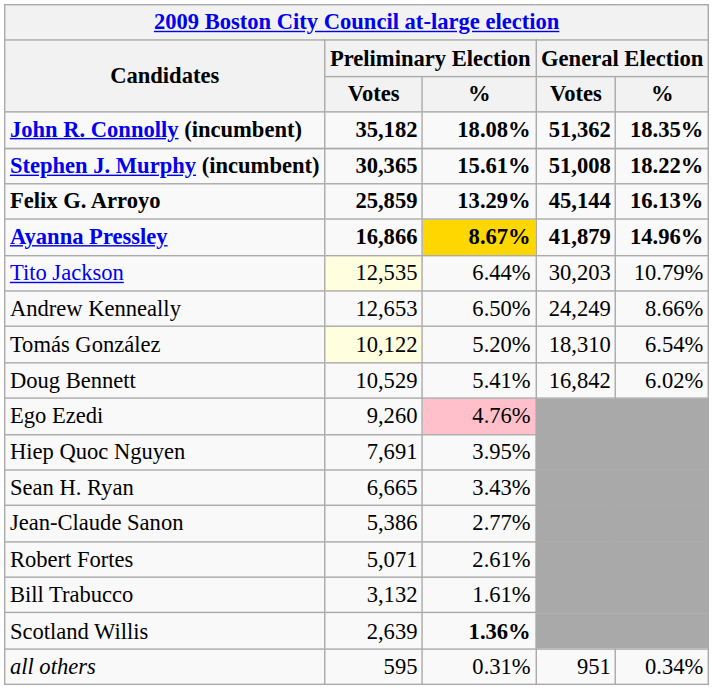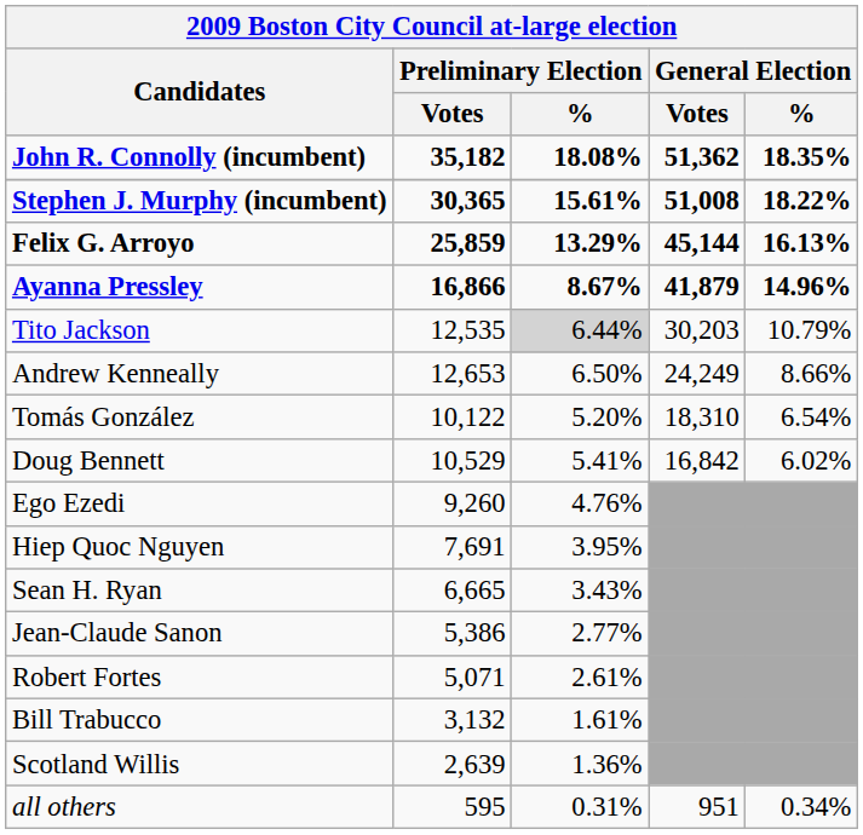 <table class=wikitable>
 <tr>
 <th colspan=5><a href='#'>2009 Boston City Council at-large election</a></th>
 </tr>
 <tr>
 <th colspan=1 rowspan=2><strong>Candidates</strong></th>
 <th colspan=2><strong>Preliminary Election</strong></th>
 <th colspan=2><strong>General Election</strong></th>
 </tr>
 <tr>
 <th>Votes</th>
 <th>%</th>
 <th>Votes</th>
 <th>%</th>
 </tr>
 <tr>
 <td><strong><a href='#'>John R. Connolly</a> (incumbent)</strong></td>
 <td align="right"><strong>35,182</strong></td>
 <td align="right"><strong>18.08%</strong></td>
 <td align="right"><strong>51,362</strong></td>
 <td align="right"><strong>18.35%</strong></td>
 </tr>
 <tr>
 </tr>
 <tr>
 <td><strong><a href='#'>Stephen J. Murphy</a> (incumbent)</strong></td>
 <td align="right"><strong>30,365</strong></td>
 <td align="right"><strong>15.61%</strong></td>
 <td align="right"><strong>51,008</strong></td>
 <td align="right"><strong>18.22%</strong></td>
 </tr>
 <tr>
 <td><strong>Felix G. Arroyo</strong></td>
 <td align="right"><strong>25,859</strong></td>
 <td align="right"><strong>13.29%</strong></td>
 <td align="right"><strong>45,144</strong></td>
 <td align="right"><strong>16.13%</strong></td>
 </tr>
 <tr>
 <td><strong><a href='#'>Ayanna Pressley</a></strong></td>
 <td align="right"><strong>16,866</strong></td>
-<td align="right" style="background: gold;"><strong>8.67%</strong></td>
+<td align="right"><strong>8.67%</strong></td>
 <td align="right"><strong>41,879</strong></td>
 <td align="right"><strong>14.96%</strong></td>
 </tr>
 <tr>
 <td><a href='#'>Tito Jackson</a></td>
-<td align="right" style="background: lightyellow;">12,535</td>
-<td align="right">6.44%</td>
+<td align="right">12,535</td>
+<td align="right" style="background: lightgrey;">6.44%</td>
 <td align="right">30,203</td>
 <td align="right">10.79%</td>
 </tr>
 <tr>
 <td>Andrew Kenneally</td>
 <td align="right">12,653</td>
 <td align="right">6.50%</td>
 <td align="right">24,249</td>
 <td align="right">8.66%</td>
 </tr>
 <tr>
 <td>Tomás González</td>
-<td align="right" style="background: lightyellow;">10,122</td>
+<td align="right">10,122</td>
 <td align="right">5.20%</td>
 <td align="right">18,310</td>
 <td align="right">6.54%</td>
 </tr>
 <tr>
 <td>Doug Bennett</td>
 <td align="right">10,529</td>
 <td align="right">5.41%</td>
 <td align="right">16,842</td>
 <td align="right">6.02%</td>
 </tr>
 <tr>
 <td>Ego Ezedi</td>
 <td align="right">9,260</td>
-<td align="right" style="background: pink;">4.76%</td>
+<td align="right">4.76%</td>
 <td colspan=2 bgcolor=darkgray></td>
 </tr>
 <tr>
 <td>Hiep Quoc Nguyen</td>
 <td align="right">7,691</td>
 <td align="right">3.95%</td>
 <td colspan=2 bgcolor=darkgray></td>
 </tr>
 <tr>
 <td>Sean H. Ryan</td>
 <td align="right">6,665</td>
 <td align="right">3.43%</td>
 <td colspan=2 bgcolor=darkgray></td>
 </tr>
 <tr>
 <td>Jean-Claude Sanon</td>
 <td align="right">5,386</td>
 <td align="right">2.77%</td>
 <td colspan=2 bgcolor=darkgray></td>
 </tr>
 <tr>
 <td>Robert Fortes</td>
 <td align="right">5,071</td>
 <td align="right">2.61%</td>
 <td colspan=2 bgcolor=darkgray></td>
 </tr>
 <tr>
 <td>Bill Trabucco</td>
 <td align="right">3,132</td>
 <td align="right">1.61%</td>
 <td colspan=2 bgcolor=darkgray></td>
 </tr>
 <tr>
 <td>Scotland Willis</td>
 <td align="right">2,639</td>
-<td align="right"><strong>1.36%</strong></td>
+<td align="right">1.36%</td>
 <td colspan=2 bgcolor=darkgray></td>
 </tr>
 <tr>
 <td><em>all others</em></td>
 <td align="right">595</td>
 <td align="right">0.31%</td>
 <td align="right">951</td>
 <td align="right">0.34%</td>
 </tr>
 </table>
